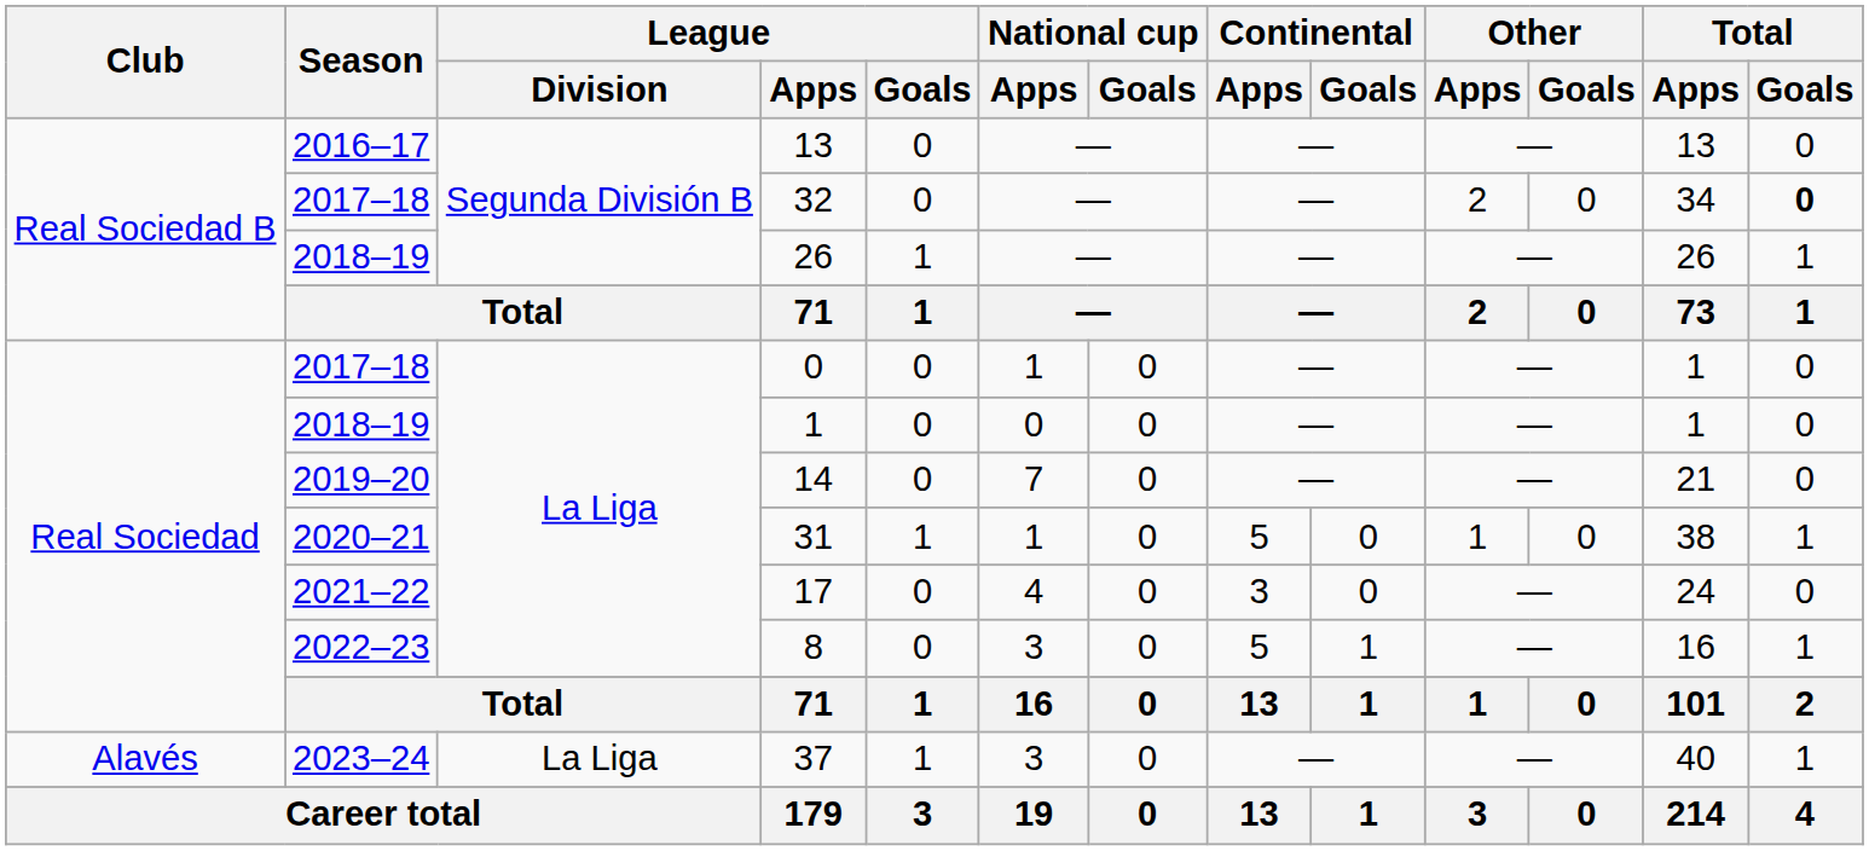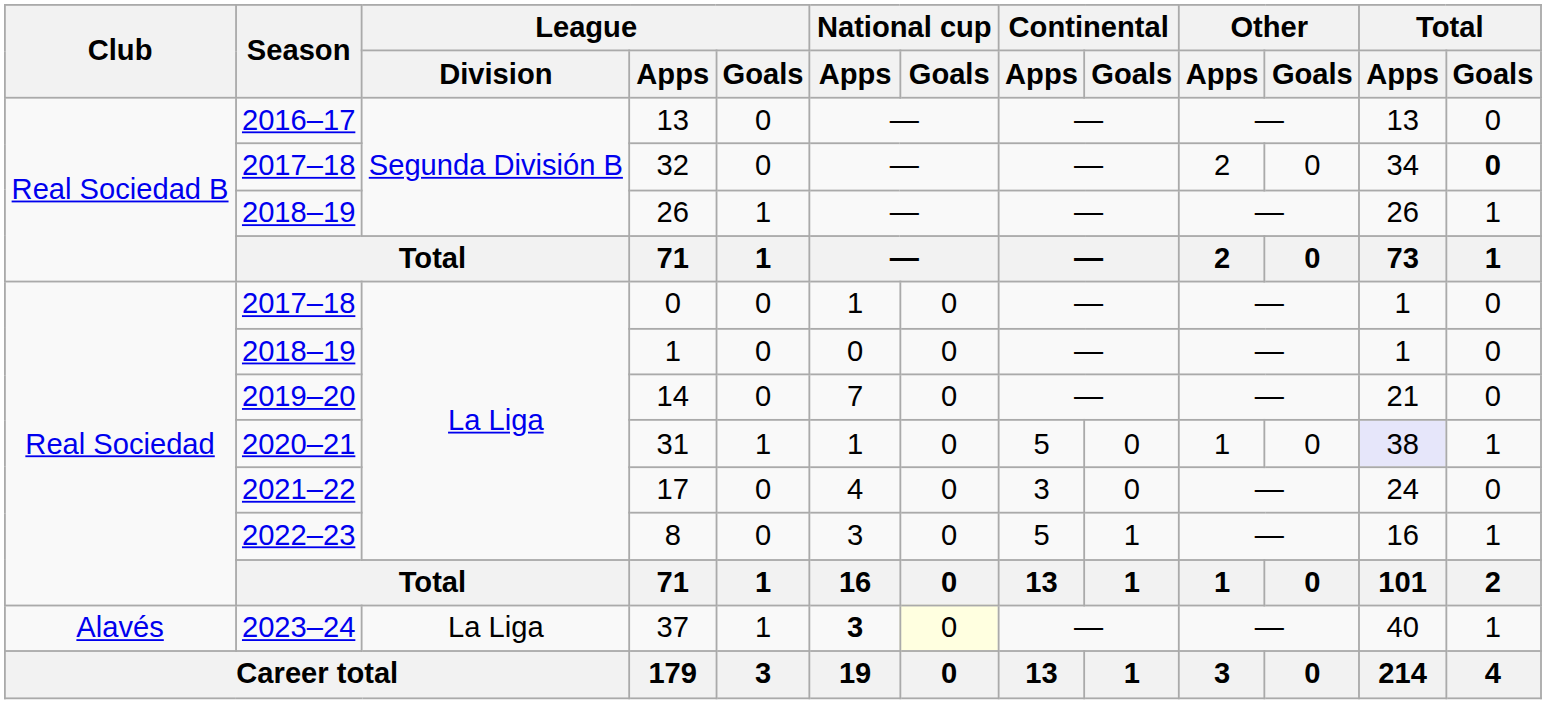 <table class="wikitable" style="text-align:center">
 <tr>
 <th rowspan="2">Club</th>
 <th rowspan="2">Season</th>
 <th colspan="3">League</th>
 <th colspan="2">National cup</th>
 <th colspan="2">Continental</th>
 <th colspan="2">Other</th>
 <th colspan="2">Total</th>
 </tr>
 <tr>
 <th>Division</th>
 <th>Apps</th>
 <th>Goals</th>
 <th>Apps</th>
 <th>Goals</th>
 <th>Apps</th>
 <th>Goals</th>
 <th>Apps</th>
 <th>Goals</th>
 <th>Apps</th>
 <th>Goals</th>
 </tr>
 <tr>
 <td rowspan="4"><a href='#'>Real Sociedad B</a></td>
 <td><a href='#'>2016–17</a></td>
 <td rowspan="3"><a href='#'>Segunda División B</a></td>
 <td>13</td>
 <td>0</td>
 <td colspan="2">—</td>
 <td colspan="2">—</td>
 <td colspan="2">—</td>
 <td>13</td>
 <td>0</td>
 </tr>
 <tr>
 <td><a href='#'>2017–18</a></td>
 <td>32</td>
 <td>0</td>
 <td colspan="2">—</td>
 <td colspan="2">—</td>
 <td>2</td>
 <td>0</td>
 <td>34</td>
 <td><strong>0</strong></td>
 </tr>
 <tr>
 <td><a href='#'>2018–19</a></td>
 <td>26</td>
 <td>1</td>
 <td colspan="2">—</td>
 <td colspan="2">—</td>
 <td colspan="2">—</td>
 <td>26</td>
 <td>1</td>
 </tr>
 <tr>
 <th colspan="2">Total</th>
 <th>71</th>
 <th>1</th>
 <th colspan="2">—</th>
 <th colspan="2">—</th>
 <th>2</th>
 <th>0</th>
 <th>73</th>
 <th>1</th>
 </tr>
 <tr>
 <td rowspan="7"><a href='#'>Real Sociedad</a></td>
 <td><a href='#'>2017–18</a></td>
 <td rowspan="6"><a href='#'>La Liga</a></td>
 <td>0</td>
 <td>0</td>
 <td>1</td>
 <td>0</td>
 <td colspan="2">—</td>
 <td colspan="2">—</td>
 <td>1</td>
 <td>0</td>
 </tr>
 <tr>
 <td><a href='#'>2018–19</a></td>
 <td>1</td>
 <td>0</td>
 <td>0</td>
 <td>0</td>
 <td colspan="2">—</td>
 <td colspan="2">—</td>
 <td>1</td>
 <td>0</td>
 </tr>
 <tr>
 <td><a href='#'>2019–20</a></td>
 <td>14</td>
 <td>0</td>
 <td>7</td>
 <td>0</td>
 <td colspan="2">—</td>
 <td colspan="2">—</td>
 <td>21</td>
 <td>0</td>
 </tr>
 <tr>
 <td><a href='#'>2020–21</a></td>
 <td>31</td>
 <td>1</td>
 <td>1</td>
 <td>0</td>
 <td>5</td>
 <td>0</td>
 <td>1</td>
 <td>0</td>
-<td>38</td>
+<td style="background: lavender;">38</td>
 <td>1</td>
 </tr>
 <tr>
 <td><a href='#'>2021–22</a></td>
 <td>17</td>
 <td>0</td>
 <td>4</td>
 <td>0</td>
 <td>3</td>
 <td>0</td>
 <td colspan="2">—</td>
 <td>24</td>
 <td>0</td>
 </tr>
 <tr>
 <td><a href='#'>2022–23</a></td>
 <td>8</td>
 <td>0</td>
 <td>3</td>
 <td>0</td>
 <td>5</td>
 <td>1</td>
 <td colspan="2">—</td>
 <td>16</td>
 <td>1</td>
 </tr>
 <tr>
 <th colspan="2">Total</th>
 <th>71</th>
 <th>1</th>
 <th>16</th>
 <th>0</th>
 <th>13</th>
 <th>1</th>
 <th>1</th>
 <th>0</th>
 <th>101</th>
 <th>2</th>
 </tr>
 <tr>
 <td><a href='#'>Alavés</a></td>
 <td><a href='#'>2023–24</a></td>
 <td>La Liga</td>
 <td>37</td>
 <td>1</td>
-<td>3</td>
-<td>0</td>
+<td><strong>3</strong></td>
+<td style="background: lightyellow;">0</td>
 <td colspan="2">—</td>
 <td colspan="2">—</td>
 <td>40</td>
 <td>1</td>
 </tr>
 <tr>
 <th colspan="3">Career total</th>
 <th>179</th>
 <th>3</th>
 <th>19</th>
 <th>0</th>
 <th>13</th>
 <th>1</th>
 <th>3</th>
 <th>0</th>
 <th>214</th>
 <th>4</th>
 </tr>
 </table>
